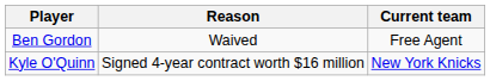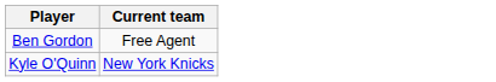 <table class="wikitable sortable sortable">
 <tr>
 <th>Player</th>
-<th>Reason</th>
 <th>Current team</th>
 </tr>
 <tr style="text-align: center">
 <td><a href='#'>Ben Gordon</a></td>
-<td>Waived</td>
 <td>Free Agent</td>
 </tr>
 <tr style="text-align: center">
 <td><a href='#'>Kyle O'Quinn</a></td>
-<td>Signed 4-year contract worth $16 million</td>
 <td><a href='#'>New York Knicks</a></td>
 </tr>
 </table>
